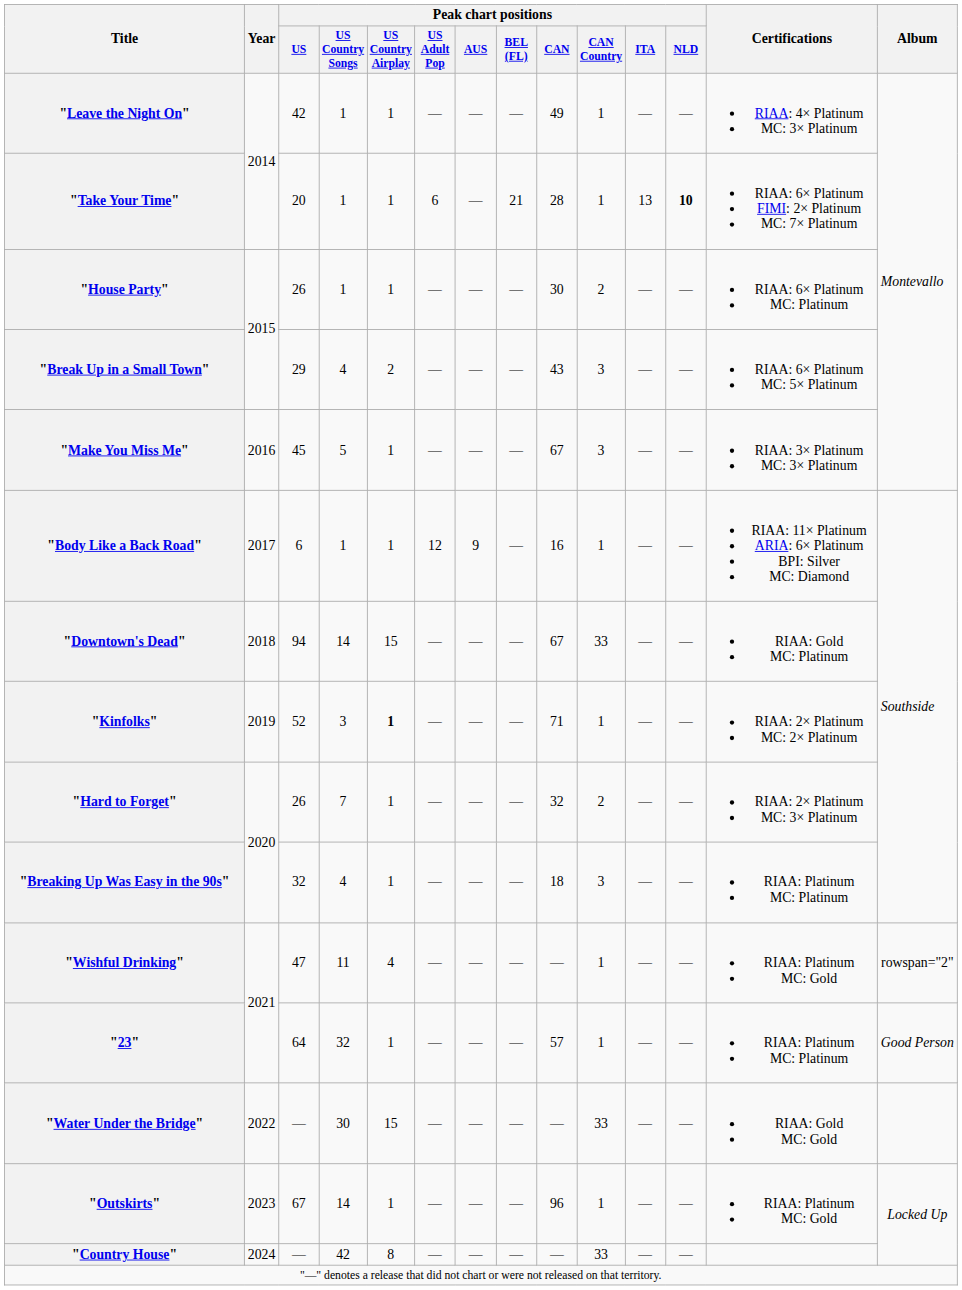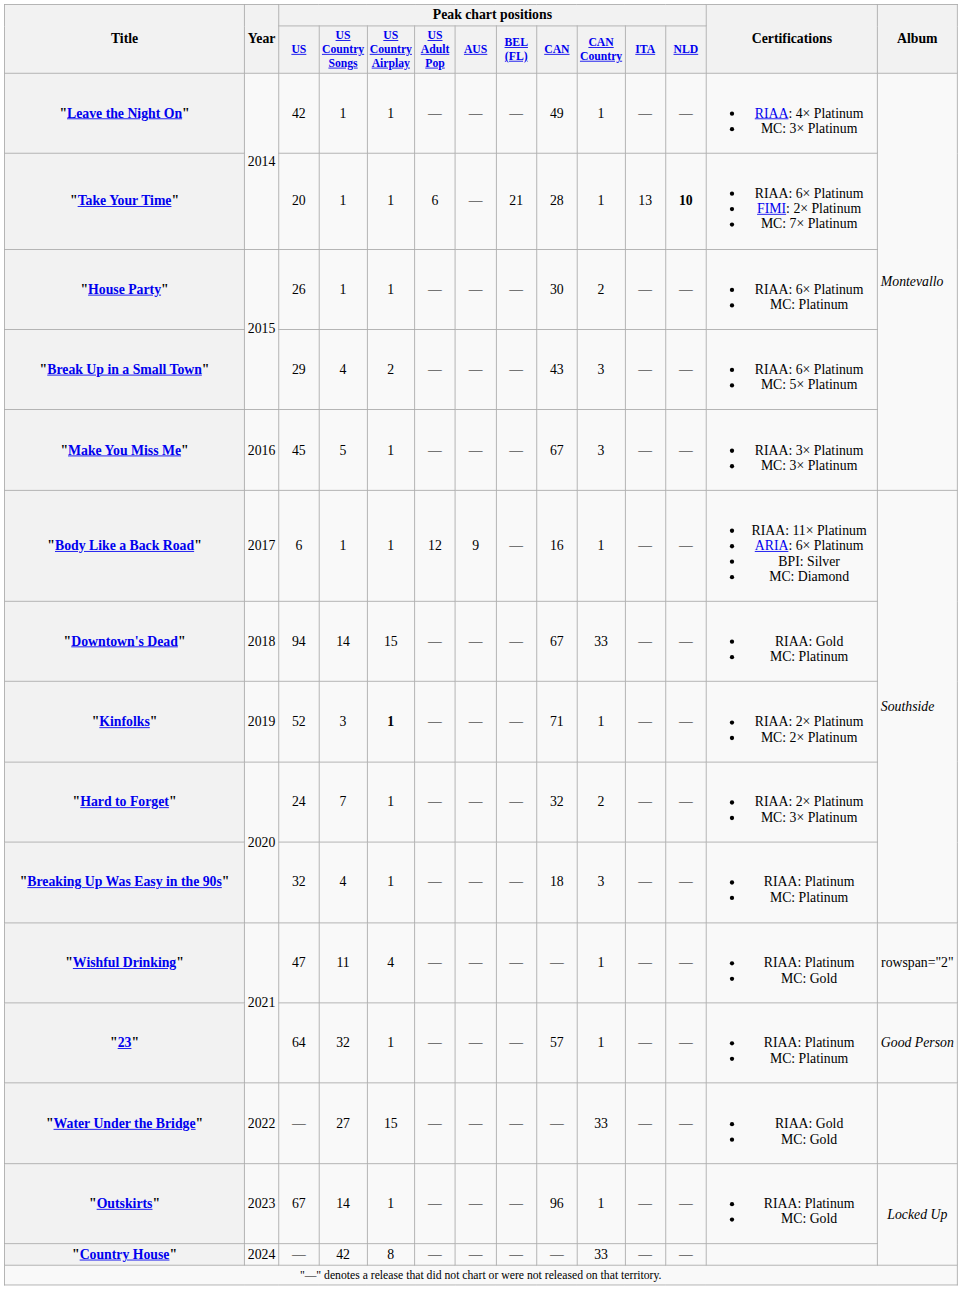 <table class="wikitable plainrowheaders" style="text-align:center;">
 <tr>
 <th scope="col" rowspan="2" style="width:17em;">Title</th>
 <th scope="col" rowspan="2">Year</th>
 <th scope="col" colspan="10">Peak chart positions</th>
 <th scope="col" rowspan="2" style="width:12em;">Certifications</th>
 <th scope="col" rowspan="2">Album</th>
 </tr>
 <tr>
 <th scope="col" style="width:3em;font-size:85%;"><a href='#'>US</a><br></th>
 <th scope="col" style="width:3em;font-size:85%;"><a href='#'>US Country Songs</a><br></th>
 <th scope="col" style="width:3em;font-size:85%;"><a href='#'>US Country Airplay</a><br></th>
 <th scope="col" style="width:3em;font-size:85%;"><a href='#'>US Adult Pop</a><br></th>
 <th scope="col" style="width:3em;font-size:85%;"><a href='#'>AUS</a><br></th>
 <th scope="col" style="width:3em;font-size:85%;"><a href='#'>BEL<br>(FL)</a><br></th>
 <th scope="col" style="width:3em;font-size:85%;"><a href='#'>CAN</a><br></th>
 <th scope="col" style="width:3em;font-size:85%;"><a href='#'>CAN Country</a><br></th>
 <th scope="col" style="width:3em;font-size:85%;"><a href='#'>ITA</a><br></th>
 <th scope="col" style="width:3em;font-size:85%;"><a href='#'>NLD</a><br></th>
 </tr>
 <tr>
 <th scope="row">"<a href='#'>Leave the Night On</a>"</th>
 <td rowspan="2">2014</td>
 <td>42</td>
 <td>1</td>
 <td>1</td>
 <td>—</td>
 <td>—</td>
 <td>—</td>
 <td>49</td>
 <td>1</td>
 <td>—</td>
 <td>—</td>
 <td><br><ul><li><a href='#'>RIAA</a>: 4× Platinum</li><li>MC: 3× Platinum</li></ul></td>
 <td rowspan="5" style="text-align:left;"><em>Montevallo</em></td>
 </tr>
 <tr>
 <th scope="row">"<a href='#'>Take Your Time</a>"</th>
 <td>20</td>
 <td>1</td>
 <td>1</td>
 <td>6</td>
 <td>—</td>
 <td>21</td>
 <td>28</td>
 <td>1</td>
 <td>13</td>
 <td><strong>10</strong></td>
 <td><br><ul><li>RIAA: 6× Platinum</li><li><a href='#'>FIMI</a>: 2× Platinum</li><li>MC: 7× Platinum</li></ul></td>
 </tr>
 <tr>
 <th scope="row">"<a href='#'>House Party</a>"</th>
 <td rowspan="2">2015</td>
 <td>26</td>
 <td>1</td>
 <td>1</td>
 <td>—</td>
 <td>—</td>
 <td>—</td>
 <td>30</td>
 <td>2</td>
 <td>—</td>
 <td>—</td>
 <td><br><ul><li>RIAA: 6× Platinum</li><li>MC: Platinum</li></ul></td>
 </tr>
 <tr>
 <th scope="row">"<a href='#'>Break Up in a Small Town</a>"</th>
 <td>29</td>
 <td>4</td>
 <td>2</td>
 <td>—</td>
 <td>—</td>
 <td>—</td>
 <td>43</td>
 <td>3</td>
 <td>—</td>
 <td>—</td>
 <td><br><ul><li>RIAA: 6× Platinum</li><li>MC: 5× Platinum</li></ul></td>
 </tr>
 <tr>
 <th scope="row">"<a href='#'>Make You Miss Me</a>"</th>
 <td>2016</td>
 <td>45</td>
 <td>5</td>
 <td>1</td>
 <td>—</td>
 <td>—</td>
 <td>—</td>
 <td>67</td>
 <td>3</td>
 <td>—</td>
 <td>—</td>
 <td><br><ul><li>RIAA: 3× Platinum</li><li>MC: 3× Platinum</li></ul></td>
 </tr>
 <tr>
 <th scope="row">"<a href='#'>Body Like a Back Road</a>"</th>
 <td>2017</td>
 <td>6</td>
 <td>1</td>
 <td>1</td>
 <td>12</td>
 <td>9</td>
 <td>—</td>
 <td>16</td>
 <td>1</td>
 <td>—</td>
 <td>—</td>
 <td><br><ul><li>RIAA: 11× Platinum</li><li><a href='#'>ARIA</a>: 6× Platinum</li><li>BPI: Silver</li><li>MC: Diamond</li></ul></td>
 <td rowspan="5" style="text-align:left;"><em>Southside</em></td>
 </tr>
 <tr>
 <th scope="row">"<a href='#'>Downtown's Dead</a>"</th>
 <td>2018</td>
 <td>94</td>
 <td>14</td>
 <td>15</td>
 <td>—</td>
 <td>—</td>
 <td>—</td>
 <td>67</td>
 <td>33</td>
 <td>—</td>
 <td>—</td>
 <td><br><ul><li>RIAA: Gold</li><li>MC: Platinum</li></ul></td>
 </tr>
 <tr>
 <th scope="row">"<a href='#'>Kinfolks</a>"</th>
 <td>2019</td>
 <td>52</td>
 <td>3</td>
 <td><strong>1</strong></td>
 <td>—</td>
 <td>—</td>
 <td>—</td>
 <td>71</td>
 <td>1</td>
 <td>—</td>
 <td>—</td>
 <td><br><ul><li>RIAA: 2× Platinum</li><li>MC: 2× Platinum</li></ul></td>
 </tr>
 <tr>
 <th scope="row">"<a href='#'>Hard to Forget</a>"</th>
 <td rowspan="2">2020</td>
-<td>26</td>
+<td>24</td>
 <td>7</td>
 <td>1</td>
 <td>—</td>
 <td>—</td>
 <td>—</td>
 <td>32</td>
 <td>2</td>
 <td>—</td>
 <td>—</td>
 <td><br><ul><li>RIAA: 2× Platinum</li><li>MC: 3× Platinum</li></ul></td>
 </tr>
 <tr>
 <th scope="row">"<a href='#'>Breaking Up Was Easy in the 90s</a>"</th>
 <td>32</td>
 <td>4</td>
 <td>1</td>
 <td>—</td>
 <td>—</td>
 <td>—</td>
 <td>18</td>
 <td>3</td>
 <td>—</td>
 <td>—</td>
 <td><br><ul><li>RIAA: Platinum</li><li>MC: Platinum</li></ul></td>
 </tr>
 <tr>
 <th scope="row">"<a href='#'>Wishful Drinking</a>"<br></th>
 <td rowspan="2">2021</td>
 <td>47</td>
 <td>11</td>
 <td>4</td>
 <td>—</td>
 <td>—</td>
 <td>—</td>
 <td>—</td>
 <td>1</td>
 <td>—</td>
 <td>—</td>
 <td><br><ul><li>RIAA: Platinum</li><li>MC: Gold</li></ul></td>
 <td>rowspan="2" </td>
 </tr>
 <tr>
 <th scope="row">"<a href='#'>23</a>"</th>
 <td>64</td>
 <td>32</td>
 <td>1</td>
 <td>—</td>
 <td>—</td>
 <td>—</td>
 <td>57</td>
 <td>1</td>
 <td>—</td>
 <td>—</td>
 <td><br><ul><li>RIAA: Platinum</li><li>MC: Platinum</li></ul></td>
 <td><em>Good Person</em></td>
 </tr>
 <tr>
 <th scope="row">"<a href='#'>Water Under the Bridge</a>"</th>
 <td>2022</td>
 <td>—</td>
-<td>30</td>
+<td>27</td>
 <td>15</td>
 <td>—</td>
 <td>—</td>
 <td>—</td>
 <td>—</td>
 <td>33</td>
 <td>—</td>
 <td>—</td>
 <td><br><ul><li>RIAA: Gold</li><li>MC: Gold</li></ul></td>
 </tr>
 <tr>
 <th scope="row">"<a href='#'>Outskirts</a>"</th>
 <td>2023</td>
 <td>67</td>
 <td>14</td>
 <td>1</td>
 <td>—</td>
 <td>—</td>
 <td>—</td>
 <td>96</td>
 <td>1</td>
 <td>—</td>
 <td>—</td>
 <td><br><ul><li>RIAA: Platinum</li><li>MC: Gold</li></ul></td>
 <td rowspan="2"><em>Locked Up</em></td>
 </tr>
 <tr>
 <th scope="row">"<a href='#'>Country House</a>"</th>
 <td>2024</td>
 <td>—</td>
 <td>42</td>
 <td>8</td>
 <td>—</td>
 <td>—</td>
 <td>—</td>
 <td>—</td>
 <td>33</td>
 <td>—</td>
 <td>—</td>
 <td></td>
 </tr>
 <tr>
 <td colspan="15" style="font-size:85%">"—" denotes a release that did not chart or were not released on that territory.</td>
 </tr>
 </table>
